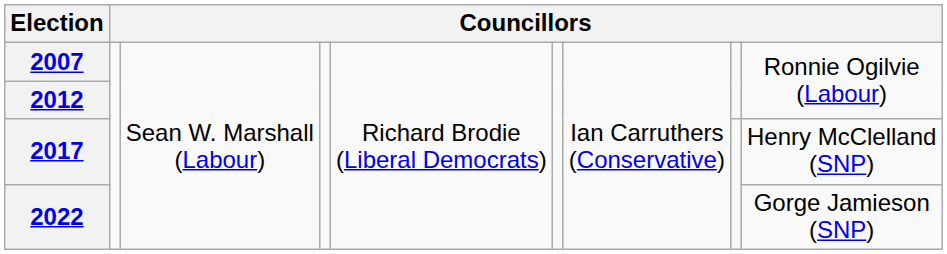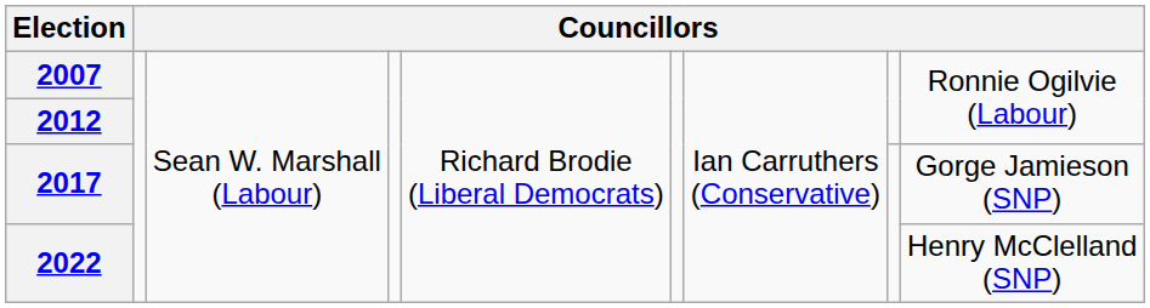 <table class="wikitable" style="text-align:center">
 <tr>
 <th>Election</th>
 <th colspan=8>Councillors</th>
 </tr>
 <tr>
 <th><a href='#'>2007</a></th>
 <td rowspan=4; style="background-color: "></td>
 <td rowspan=4>Sean W. Marshall<br>(<a href='#'>Labour</a>)</td>
 <td rowspan=4; style="background-color: "></td>
 <td rowspan=4>Richard Brodie<br>(<a href='#'>Liberal Democrats</a>)</td>
 <td rowspan=4; style="background-color: "></td>
 <td rowspan=4>Ian Carruthers<br>(<a href='#'>Conservative</a>)</td>
 <td rowspan=2; style="background-color: "></td>
 <td rowspan=2>Ronnie Ogilvie<br>(<a href='#'>Labour</a>)</td>
 </tr>
 <tr>
 <th><a href='#'>2012</a></th>
 </tr>
 <tr>
 <th><a href='#'>2017</a></th>
 <td rowspan=2; style="background-color: "></td>
-<td>Henry McClelland<br>(<a href='#'>SNP</a>)</td>
+<td>Gorge Jamieson<br>(<a href='#'>SNP</a>)</td>
 </tr>
 <tr>
 <th><a href='#'>2022</a></th>
-<td>Gorge Jamieson<br>(<a href='#'>SNP</a>)</td>
+<td>Henry McClelland<br>(<a href='#'>SNP</a>)</td>
 </tr>
 </table>
